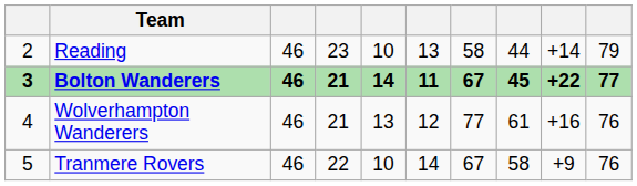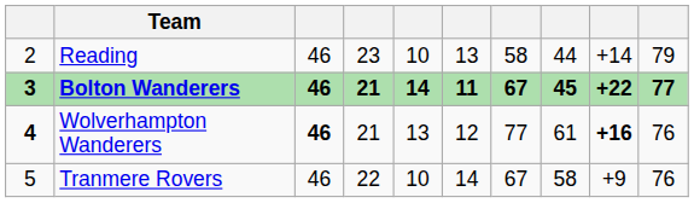 <table class="wikitable" style="text-align:center">
 <tr>
 <th width="30"></th>
 <th width="175">Team</th>
 <th width="30"></th>
 <th width="30"></th>
 <th width="30"></th>
 <th width="30"></th>
 <th width="30"></th>
 <th width="30"></th>
 <th width="30"></th>
 <th width="30"></th>
 </tr>
 <tr>
 <td>2</td>
 <td align=left><a href='#'>Reading</a></td>
 <td>46</td>
 <td>23</td>
 <td>10</td>
 <td>13</td>
 <td>58</td>
 <td>44</td>
 <td>+14</td>
 <td>79</td>
 </tr>
 <tr bgcolor=#ADDFAD>
 <td><strong>3</strong></td>
 <td align=left><strong><a href='#'>Bolton Wanderers</a></strong></td>
 <td><strong>46</strong></td>
 <td><strong>21</strong></td>
 <td><strong>14</strong></td>
 <td><strong>11</strong></td>
 <td><strong>67</strong></td>
 <td><strong>45</strong></td>
 <td><strong>+22</strong></td>
 <td><strong>77</strong></td>
 </tr>
 <tr>
-<td>4</td>
+<td><strong>4</strong></td>
 <td align=left><a href='#'>Wolverhampton Wanderers</a></td>
-<td>46</td>
+<td><strong>46</strong></td>
 <td>21</td>
 <td>13</td>
 <td>12</td>
 <td>77</td>
 <td>61</td>
-<td>+16</td>
+<td><strong>+16</strong></td>
 <td>76</td>
 </tr>
 <tr>
 <td>5</td>
 <td align=left><a href='#'>Tranmere Rovers</a></td>
 <td>46</td>
 <td>22</td>
 <td>10</td>
 <td>14</td>
 <td>67</td>
 <td>58</td>
 <td>+9</td>
 <td>76</td>
 </tr>
 </table>
